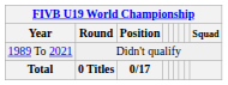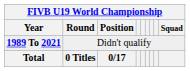 <table class="wikitable" style="text-align: center;">
 <tr>
 <th colspan=9><a href='#'>FIVB U19 World Championship</a></th>
 </tr>
 <tr>
 <th>Year</th>
 <th>Round</th>
 <th>Position</th>
 <th></th>
 <th></th>
 <th></th>
 <th></th>
 <th></th>
 <th><small>Squad</small></th>
 </tr>
 <tr bgcolor="efefef">
-<td> <a href='#'>1989</a> To  <a href='#'>2021</a></td>
+<td><strong> <a href='#'>1989</a> To  <a href='#'>2021</a></strong></td>
 <td colspan=9 rowspan=1>Didn't qualify</td>
 </tr>
 <tr>
 <th>Total</th>
 <th>0 Titles</th>
 <th>0/17</th>
 <th></th>
 <th></th>
 <th></th>
 <th></th>
 <th></th>
 <th></th>
 </tr>
 </table>
